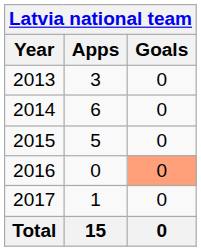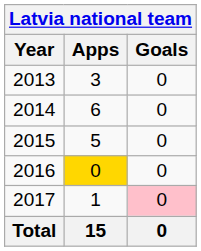 <table class="wikitable" style="text-align:center">
 <tr>
 <th colspan=3><a href='#'>Latvia national team</a></th>
 </tr>
 <tr>
 <th>Year</th>
 <th>Apps</th>
 <th>Goals</th>
 </tr>
 <tr>
 <td>2013</td>
 <td>3</td>
 <td>0</td>
 </tr>
 <tr>
 <td>2014</td>
 <td>6</td>
 <td>0</td>
 </tr>
 <tr>
 <td>2015</td>
 <td>5</td>
 <td>0</td>
 </tr>
 <tr>
 <td>2016</td>
+<td style="background: gold;">0</td>
 <td>0</td>
-<td style="background: lightsalmon;">0</td>
 </tr>
 <tr>
 <td>2017</td>
 <td>1</td>
-<td>0</td>
+<td style="background: pink;">0</td>
 </tr>
 <tr>
 <th>Total</th>
 <th>15</th>
 <th>0</th>
 </tr>
 </table>
